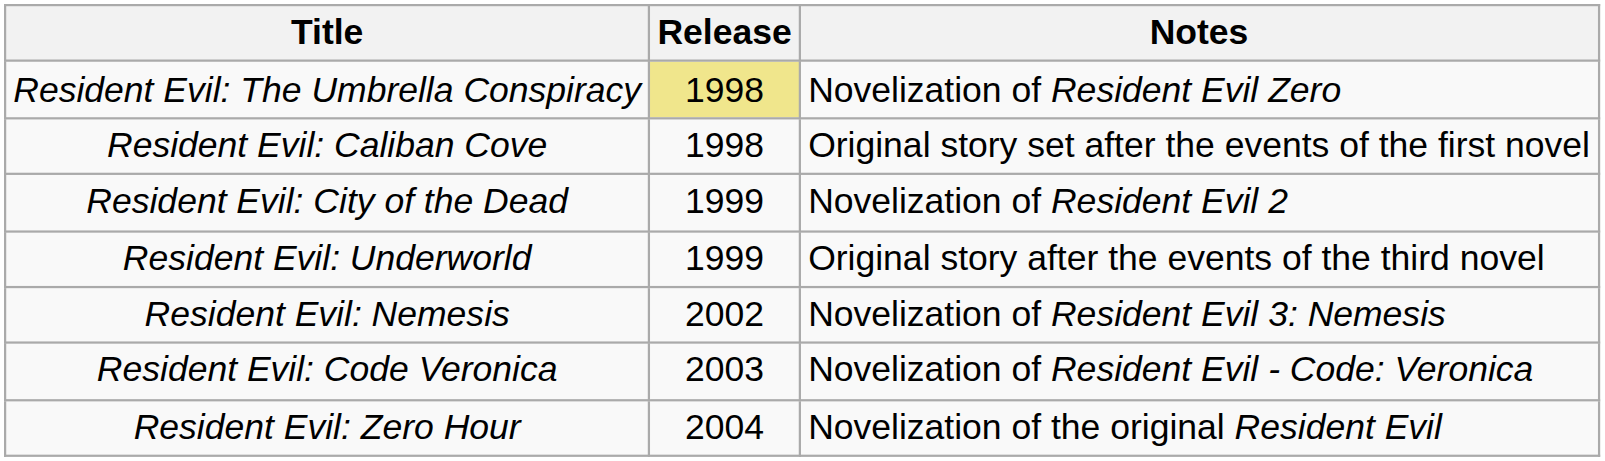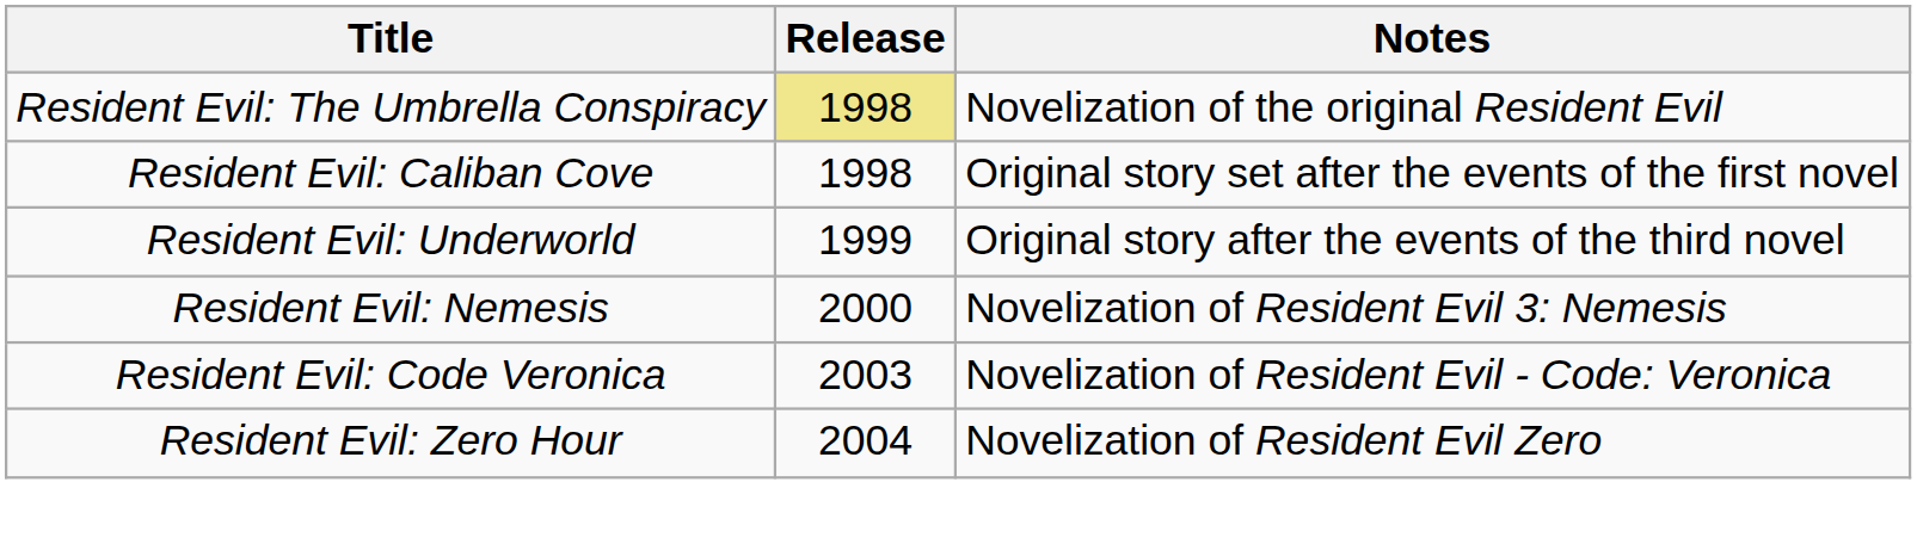 <table class="wikitable">
 <tr>
 <th scope="col">Title</th>
 <th scope="col">Release</th>
 <th scope="col">Notes</th>
 </tr>
 <tr style="text-align: center;">
 <td><em>Resident Evil: The Umbrella Conspiracy</em></td>
 <td style="background: khaki;">1998</td>
-<td style="text-align: left;">Novelization of <em>Resident Evil Zero</em></td>
+<td style="text-align: left;">Novelization of the original <em>Resident Evil</em></td>
 </tr>
 <tr style="text-align: center;">
 <td><em>Resident Evil: Caliban Cove</em></td>
 <td>1998</td>
 <td style="text-align: left;">Original story set after the events of the first novel</td>
-</tr>
-<tr style="text-align: center;">
-<td><em>Resident Evil: City of the Dead</em></td>
-<td>1999</td>
-<td style="text-align: left;">Novelization of <em>Resident Evil 2</em></td>
 </tr>
 <tr style="text-align: center;">
 <td><em>Resident Evil: Underworld</em></td>
 <td>1999</td>
 <td style="text-align: left;">Original story after the events of the third novel</td>
 </tr>
 <tr style="text-align: center;">
 <td><em>Resident Evil: Nemesis</em></td>
-<td>2002</td>
+<td>2000</td>
 <td style="text-align: left;">Novelization of <em>Resident Evil 3: Nemesis</em></td>
 </tr>
 <tr style="text-align: center;">
 <td><em>Resident Evil: Code Veronica</em></td>
 <td>2003</td>
 <td style="text-align: left;">Novelization of <em>Resident Evil - Code: Veronica</em></td>
 </tr>
 <tr style="text-align: center;">
 <td><em>Resident Evil: Zero Hour</em></td>
 <td>2004</td>
-<td style="text-align: left;">Novelization of the original <em>Resident Evil</em></td>
+<td style="text-align: left;">Novelization of <em>Resident Evil Zero</em></td>
 </tr>
 </table>
